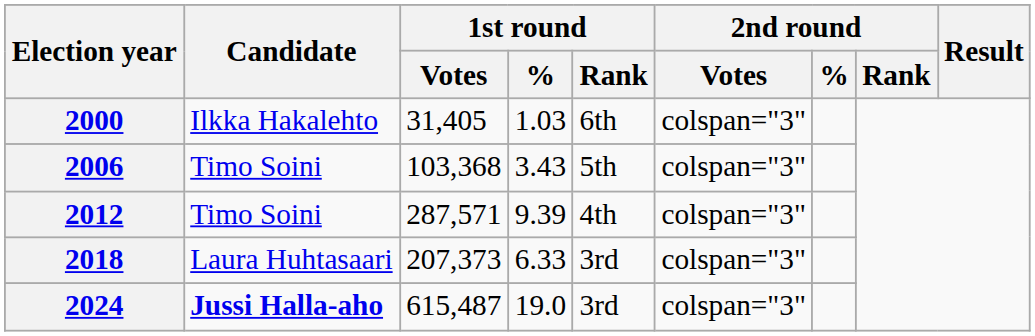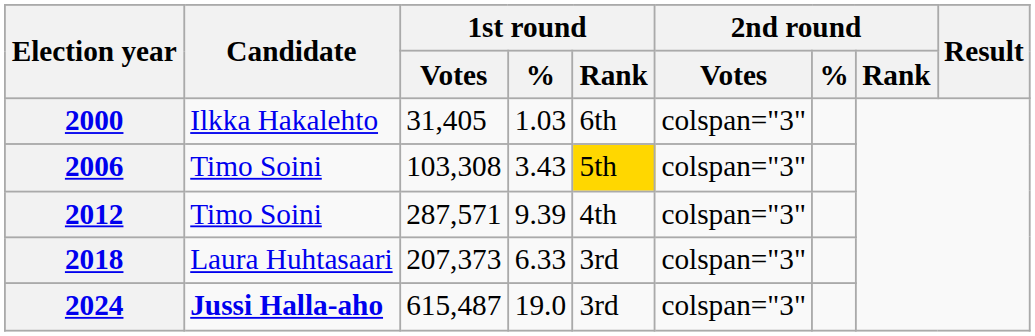 <table class="wikitable">
 <tr>
 <th rowspan="2">Election year</th>
 <th rowspan="2">Candidate</th>
 <th colspan="3">1st round</th>
 <th colspan="3">2nd round</th>
 <th rowspan="2">Result</th>
 </tr>
 <tr>
 <th>Votes</th>
 <th>%</th>
 <th>Rank</th>
 <th>Votes</th>
 <th>%</th>
 <th>Rank</th>
 </tr>
 <tr>
 <th><a href='#'>2000</a></th>
 <td><a href='#'>Ilkka Hakalehto</a></td>
 <td>31,405</td>
 <td>1.03</td>
 <td>6th</td>
 <td>colspan="3" </td>
 <td></td>
 </tr>
 <tr>
 <th><a href='#'>2006</a></th>
 <td><a href='#'>Timo Soini</a></td>
-<td>103,368</td>
+<td>103,308</td>
 <td>3.43</td>
-<td>5th</td>
+<td style="background: gold;">5th</td>
 <td>colspan="3" </td>
 <td></td>
 </tr>
 <tr>
 <th><a href='#'>2012</a></th>
 <td><a href='#'>Timo Soini</a></td>
 <td>287,571</td>
 <td>9.39</td>
 <td>4th</td>
 <td>colspan="3" </td>
 <td></td>
 </tr>
 <tr>
 <th><a href='#'>2018</a></th>
 <td><a href='#'>Laura Huhtasaari</a></td>
 <td>207,373</td>
 <td>6.33</td>
 <td>3rd</td>
 <td>colspan="3" </td>
 <td></td>
 </tr>
 <tr>
 <th><a href='#'>2024</a></th>
 <td><strong><a href='#'>Jussi Halla-aho</a></strong></td>
 <td>615,487</td>
 <td>19.0</td>
 <td>3rd</td>
 <td>colspan="3" </td>
 <td></td>
 </tr>
 </table>
